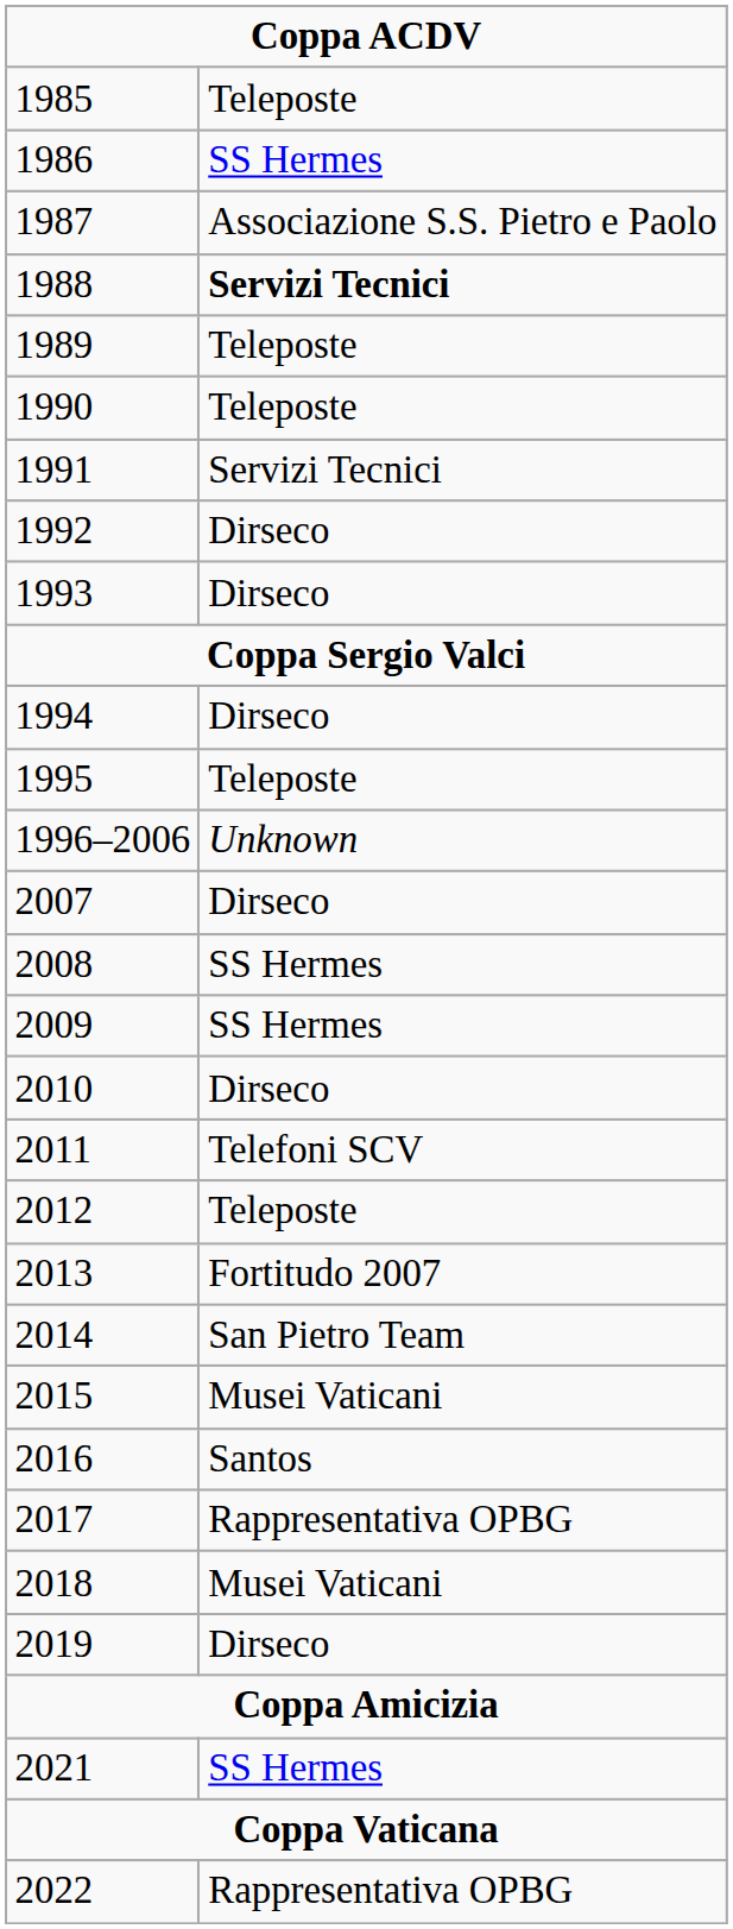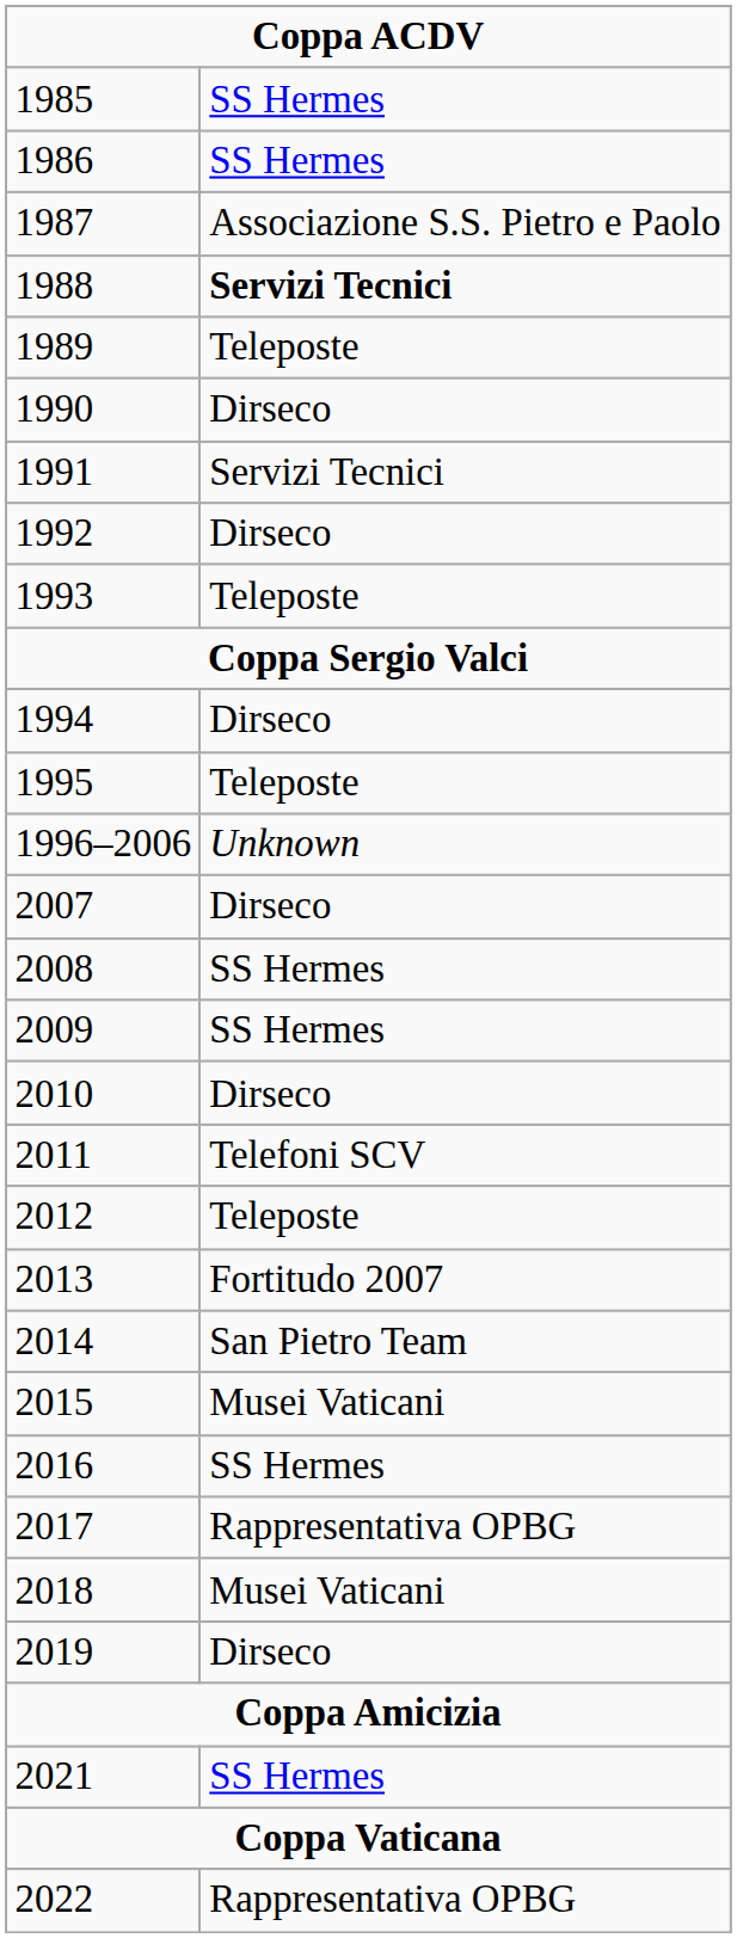 <table class="wikitable">
 <tr>
 <td colspan=2 style="text-align:center;"><strong>Coppa ACDV</strong></td>
 </tr>
 <tr>
 <td>1985</td>
-<td>Teleposte</td>
+<td><a href='#'>SS Hermes</a></td>
 </tr>
 <tr>
 <td>1986</td>
 <td><a href='#'>SS Hermes</a></td>
 </tr>
 <tr>
 <td>1987</td>
 <td>Associazione S.S. Pietro e Paolo</td>
 </tr>
 <tr>
 <td>1988</td>
 <td><strong>Servizi Tecnici</strong></td>
 </tr>
 <tr>
 <td>1989</td>
 <td>Teleposte</td>
 </tr>
 <tr>
 <td>1990</td>
-<td>Teleposte</td>
+<td>Dirseco</td>
 </tr>
 <tr>
 <td>1991</td>
 <td>Servizi Tecnici</td>
 </tr>
 <tr>
 <td>1992</td>
 <td>Dirseco</td>
 </tr>
 <tr>
 <td>1993</td>
-<td>Dirseco</td>
+<td>Teleposte</td>
 </tr>
 <tr>
 <td colspan=2 style="text-align:center;"><strong>Coppa Sergio Valci </strong></td>
 </tr>
 <tr>
 <td>1994</td>
 <td>Dirseco</td>
 </tr>
 <tr>
 <td>1995</td>
 <td>Teleposte</td>
 </tr>
 <tr>
 <td>1996–2006</td>
 <td><em>Unknown</em></td>
 </tr>
 <tr>
 <td>2007</td>
 <td>Dirseco</td>
 </tr>
 <tr>
 <td>2008</td>
 <td>SS Hermes</td>
 </tr>
 <tr>
 <td>2009</td>
 <td>SS Hermes</td>
 </tr>
 <tr>
 <td>2010</td>
 <td>Dirseco</td>
 </tr>
 <tr>
 <td>2011</td>
 <td>Telefoni SCV</td>
 </tr>
 <tr>
 <td>2012</td>
 <td>Teleposte</td>
 </tr>
 <tr>
 <td>2013</td>
 <td>Fortitudo 2007</td>
 </tr>
 <tr>
 <td>2014</td>
 <td>San Pietro Team</td>
 </tr>
 <tr>
 <td>2015</td>
 <td>Musei Vaticani</td>
 </tr>
 <tr>
 <td>2016</td>
-<td>Santos</td>
+<td>SS Hermes</td>
 </tr>
 <tr>
 <td>2017</td>
 <td>Rappresentativa OPBG</td>
 </tr>
 <tr>
 <td>2018</td>
 <td>Musei Vaticani</td>
 </tr>
 <tr>
 <td>2019</td>
 <td>Dirseco</td>
 </tr>
 <tr>
 <td colspan=2 style="text-align:center;"><strong>Coppa Amicizia</strong></td>
 </tr>
 <tr>
 <td>2021</td>
 <td><a href='#'>SS Hermes</a></td>
 </tr>
 <tr>
 <td colspan=2 style="text-align:center;"><strong>Coppa Vaticana</strong></td>
 </tr>
 <tr>
 <td>2022</td>
 <td>Rappresentativa OPBG</td>
 </tr>
 </table>
